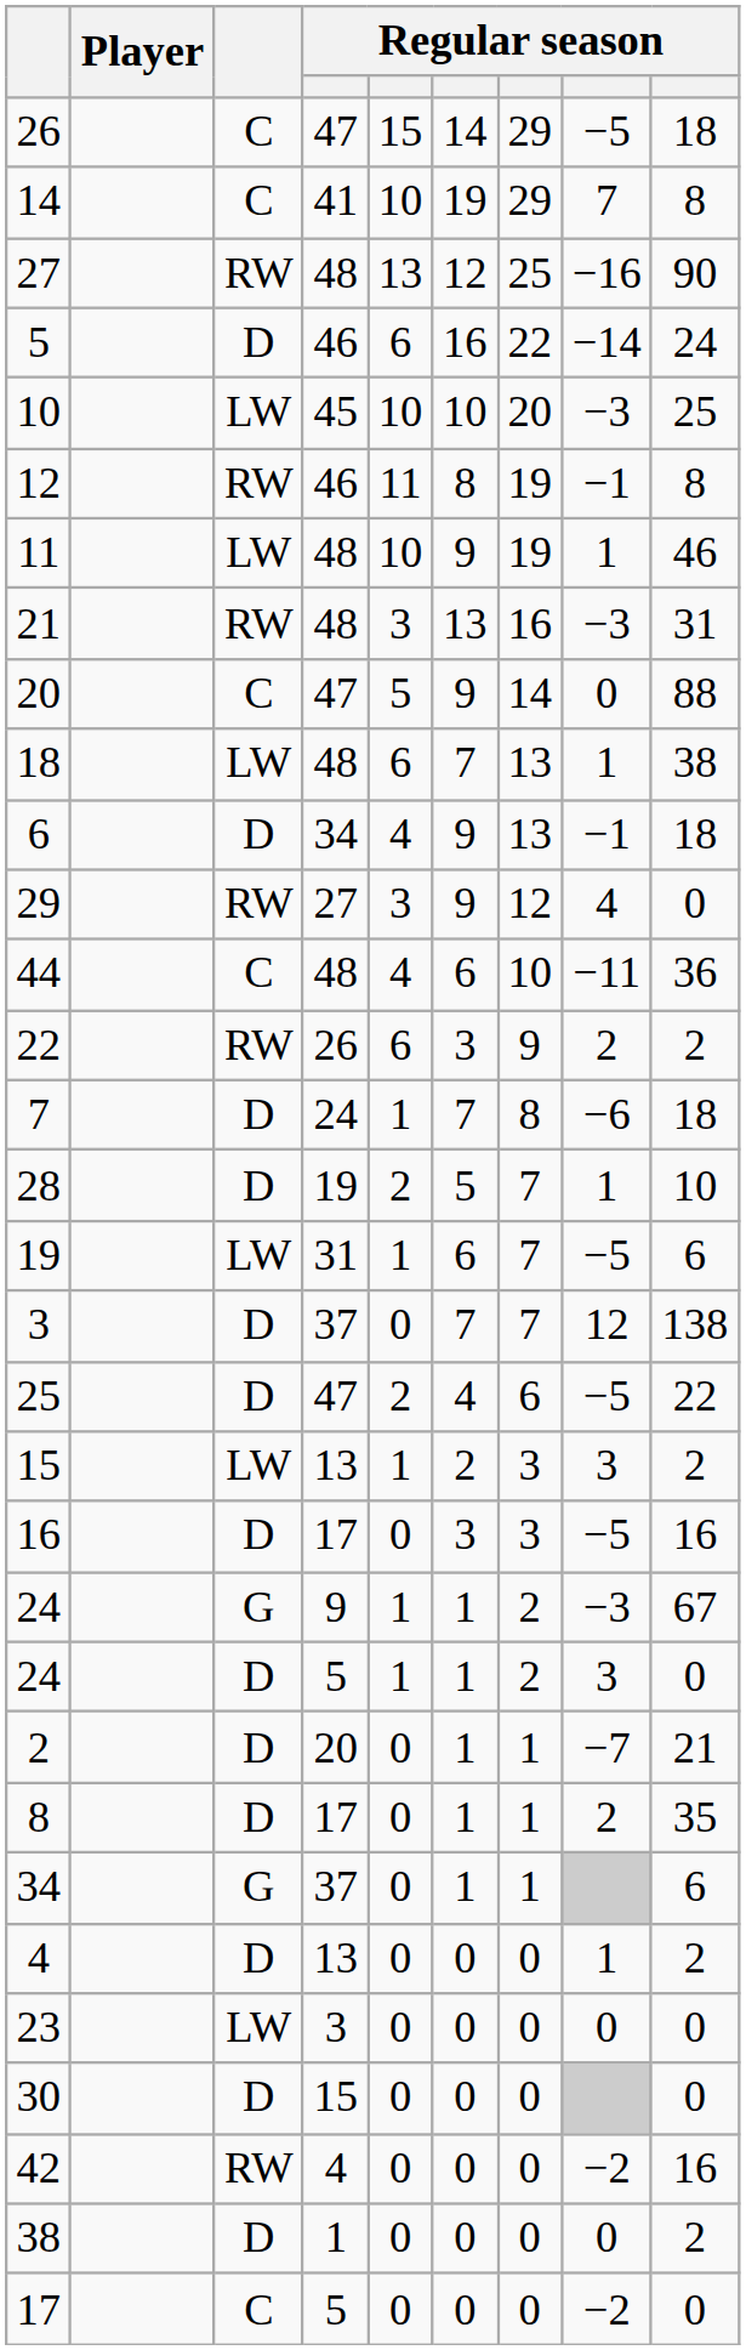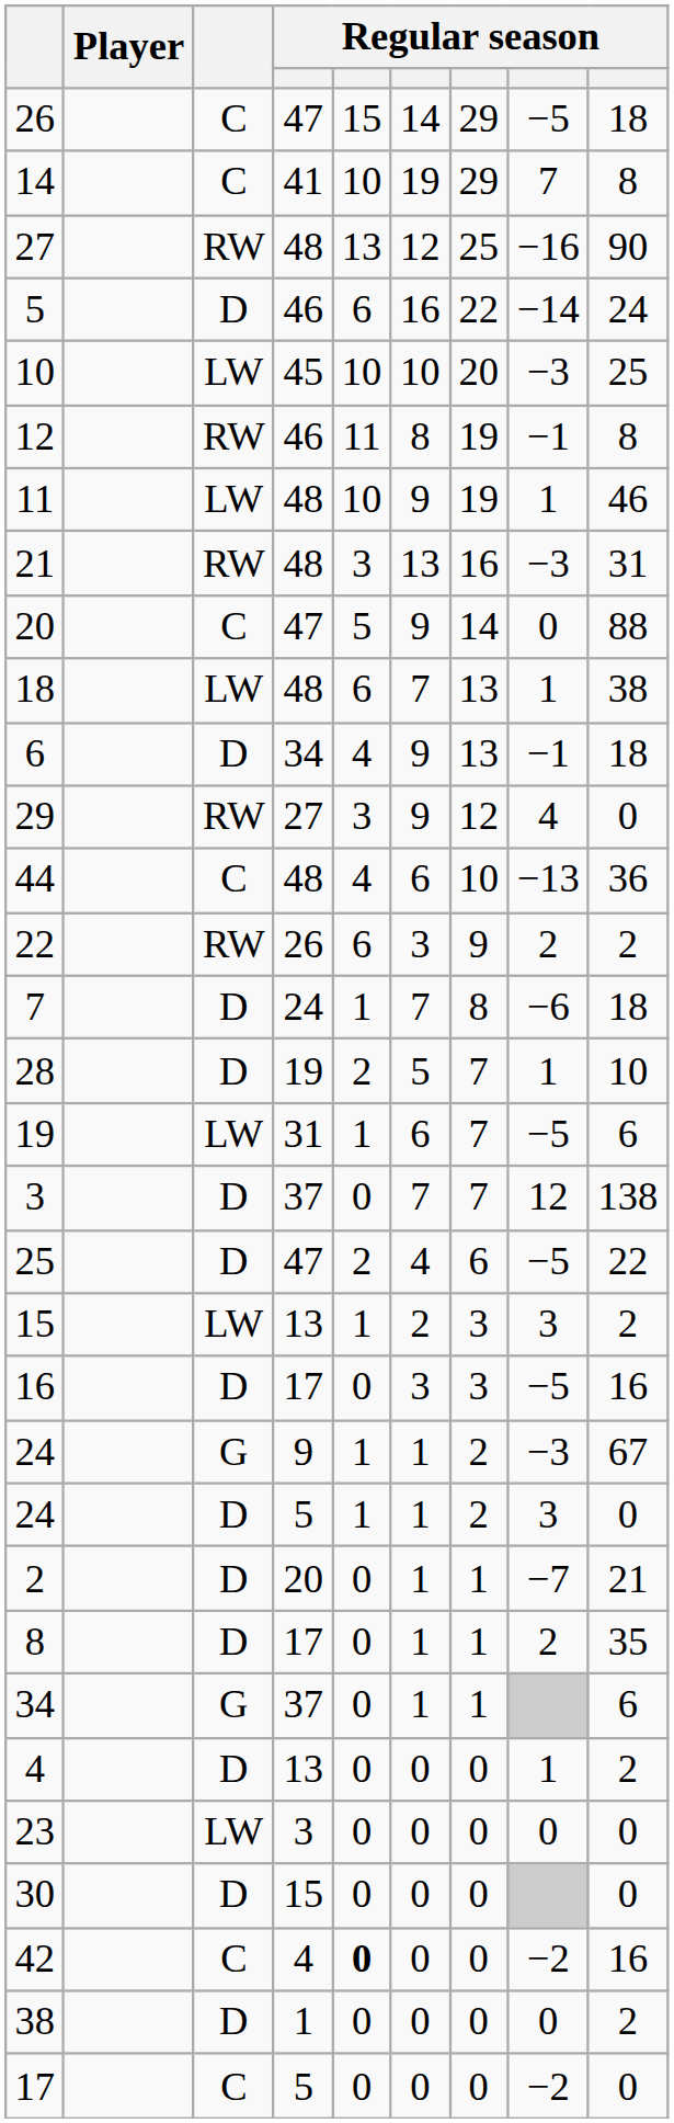 <table class="wikitable sortable plainrowheaders" style="text-align:center;">
 <tr>
 <th scope="col" data-sort-type="number" rowspan="2"></th>
 <th scope="col" rowspan="2">Player</th>
 <th scope="col" rowspan="2"></th>
 <th scope=colgroup colspan=6>Regular season</th>
 </tr>
 <tr>
 <th scope="col" data-sort-type="number"></th>
 <th scope="col" data-sort-type="number"></th>
 <th scope="col" data-sort-type="number"></th>
 <th scope="col" data-sort-type="number"></th>
 <th scope="col" data-sort-type="number"></th>
 <th scope="col" data-sort-type="number"></th>
 </tr>
 <tr>
 <td scope="row">26</td>
 <td align="left"></td>
 <td>C</td>
 <td>47</td>
 <td>15</td>
 <td>14</td>
 <td>29</td>
 <td>−5</td>
 <td>18</td>
 </tr>
 <tr>
 <td scope="row">14</td>
 <td align="left"></td>
 <td>C</td>
 <td>41</td>
 <td>10</td>
 <td>19</td>
 <td>29</td>
 <td>7</td>
 <td>8</td>
 </tr>
 <tr>
 <td scope="row">27</td>
 <td align="left"></td>
 <td>RW</td>
 <td>48</td>
 <td>13</td>
 <td>12</td>
 <td>25</td>
 <td>−16</td>
 <td>90</td>
 </tr>
 <tr>
 <td scope="row">5</td>
 <td align="left"></td>
 <td>D</td>
 <td>46</td>
 <td>6</td>
 <td>16</td>
 <td>22</td>
 <td>−14</td>
 <td>24</td>
 </tr>
 <tr>
 <td scope="row">10</td>
 <td align="left"></td>
 <td>LW</td>
 <td>45</td>
 <td>10</td>
 <td>10</td>
 <td>20</td>
 <td>−3</td>
 <td>25</td>
 </tr>
 <tr>
 <td scope="row">12</td>
 <td align="left"></td>
 <td>RW</td>
 <td>46</td>
 <td>11</td>
 <td>8</td>
 <td>19</td>
 <td>−1</td>
 <td>8</td>
 </tr>
 <tr>
 <td scope="row">11</td>
 <td align="left"></td>
 <td>LW</td>
 <td>48</td>
 <td>10</td>
 <td>9</td>
 <td>19</td>
 <td>1</td>
 <td>46</td>
 </tr>
 <tr>
 <td scope="row">21</td>
 <td align="left"></td>
 <td>RW</td>
 <td>48</td>
 <td>3</td>
 <td>13</td>
 <td>16</td>
 <td>−3</td>
 <td>31</td>
 </tr>
 <tr>
 <td scope="row">20</td>
 <td align="left"></td>
 <td>C</td>
 <td>47</td>
 <td>5</td>
 <td>9</td>
 <td>14</td>
 <td>0</td>
 <td>88</td>
 </tr>
 <tr>
 <td scope="row">18</td>
 <td align="left"></td>
 <td>LW</td>
 <td>48</td>
 <td>6</td>
 <td>7</td>
 <td>13</td>
 <td>1</td>
 <td>38</td>
 </tr>
 <tr>
 <td scope="row">6</td>
 <td align="left"></td>
 <td>D</td>
 <td>34</td>
 <td>4</td>
 <td>9</td>
 <td>13</td>
 <td>−1</td>
 <td>18</td>
 </tr>
 <tr>
 <td scope="row">29</td>
 <td align="left"></td>
 <td>RW</td>
 <td>27</td>
 <td>3</td>
 <td>9</td>
 <td>12</td>
 <td>4</td>
 <td>0</td>
 </tr>
 <tr>
 <td scope="row">44</td>
 <td align="left"></td>
 <td>C</td>
 <td>48</td>
 <td>4</td>
 <td>6</td>
 <td>10</td>
-<td>−11</td>
+<td>−13</td>
 <td>36</td>
 </tr>
 <tr>
 <td scope="row">22</td>
 <td align="left"></td>
 <td>RW</td>
 <td>26</td>
 <td>6</td>
 <td>3</td>
 <td>9</td>
 <td>2</td>
 <td>2</td>
 </tr>
 <tr>
 <td scope="row">7</td>
 <td align="left"></td>
 <td>D</td>
 <td>24</td>
 <td>1</td>
 <td>7</td>
 <td>8</td>
 <td>−6</td>
 <td>18</td>
 </tr>
 <tr>
 <td scope="row">28</td>
 <td align="left"></td>
 <td>D</td>
 <td>19</td>
 <td>2</td>
 <td>5</td>
 <td>7</td>
 <td>1</td>
 <td>10</td>
 </tr>
 <tr>
 <td scope="row">19</td>
 <td align="left"></td>
 <td>LW</td>
 <td>31</td>
 <td>1</td>
 <td>6</td>
 <td>7</td>
 <td>−5</td>
 <td>6</td>
 </tr>
 <tr>
 <td scope="row">3</td>
 <td align="left"></td>
 <td>D</td>
 <td>37</td>
 <td>0</td>
 <td>7</td>
 <td>7</td>
 <td>12</td>
 <td>138</td>
 </tr>
 <tr>
 <td scope="row">25</td>
 <td align="left"></td>
 <td>D</td>
 <td>47</td>
 <td>2</td>
 <td>4</td>
 <td>6</td>
 <td>−5</td>
 <td>22</td>
 </tr>
 <tr>
 <td scope="row">15</td>
 <td align="left"></td>
 <td>LW</td>
 <td>13</td>
 <td>1</td>
 <td>2</td>
 <td>3</td>
 <td>3</td>
 <td>2</td>
 </tr>
 <tr>
 <td scope="row">16</td>
 <td align="left"></td>
 <td>D</td>
 <td>17</td>
 <td>0</td>
 <td>3</td>
 <td>3</td>
 <td>−5</td>
 <td>16</td>
 </tr>
 <tr>
 <td scope="row">24</td>
 <td align="left"></td>
 <td>G</td>
 <td>9</td>
 <td>1</td>
 <td>1</td>
 <td>2</td>
 <td>−3</td>
 <td>67</td>
 </tr>
 <tr>
 <td scope="row">24</td>
 <td align="left"></td>
 <td>D</td>
 <td>5</td>
 <td>1</td>
 <td>1</td>
 <td>2</td>
 <td>3</td>
 <td>0</td>
 </tr>
 <tr>
 <td scope="row">2</td>
 <td align="left"></td>
 <td>D</td>
 <td>20</td>
 <td>0</td>
 <td>1</td>
 <td>1</td>
 <td>−7</td>
 <td>21</td>
 </tr>
 <tr>
 <td scope="row">8</td>
 <td align="left"></td>
 <td>D</td>
 <td>17</td>
 <td>0</td>
 <td>1</td>
 <td>1</td>
 <td>2</td>
 <td>35</td>
 </tr>
 <tr>
 <td scope="row">34</td>
 <td align="left"></td>
 <td>G</td>
 <td>37</td>
 <td>0</td>
 <td>1</td>
 <td>1</td>
 <td style="background:#ccc"></td>
 <td>6</td>
 </tr>
 <tr>
 <td scope="row">4</td>
 <td align="left"></td>
 <td>D</td>
 <td>13</td>
 <td>0</td>
 <td>0</td>
 <td>0</td>
 <td>1</td>
 <td>2</td>
 </tr>
 <tr>
 <td scope="row">23</td>
 <td align="left"></td>
 <td>LW</td>
 <td>3</td>
 <td>0</td>
 <td>0</td>
 <td>0</td>
 <td>0</td>
 <td>0</td>
 </tr>
 <tr>
 <td scope="row">30</td>
 <td align="left"></td>
 <td>D</td>
 <td>15</td>
 <td>0</td>
 <td>0</td>
 <td>0</td>
 <td style="background:#ccc"></td>
 <td>0</td>
 </tr>
 <tr>
 <td scope="row">42</td>
 <td align="left"></td>
-<td>RW</td>
+<td>C</td>
 <td>4</td>
-<td>0</td>
+<td><strong>0</strong></td>
 <td>0</td>
 <td>0</td>
 <td>−2</td>
 <td>16</td>
 </tr>
 <tr>
 <td scope="row">38</td>
 <td align="left"></td>
 <td>D</td>
 <td>1</td>
 <td>0</td>
 <td>0</td>
 <td>0</td>
 <td>0</td>
 <td>2</td>
 </tr>
 <tr>
 <td scope="row">17</td>
 <td align="left"></td>
 <td>C</td>
 <td>5</td>
 <td>0</td>
 <td>0</td>
 <td>0</td>
 <td>−2</td>
 <td>0</td>
 </tr>
 </table>
